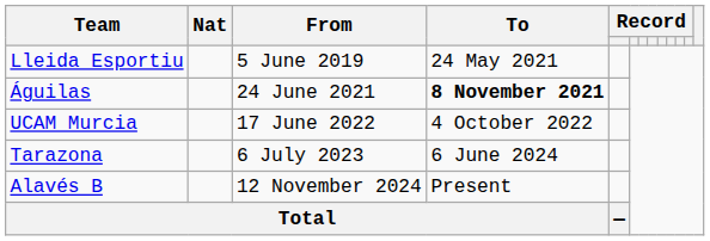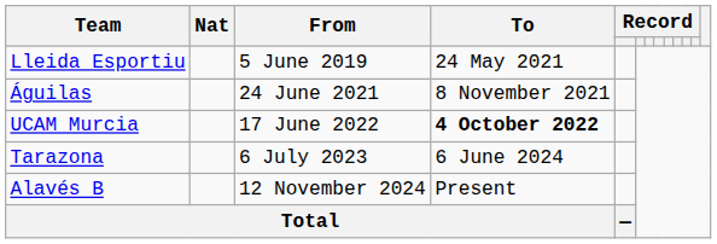 <table class="wikitable" style="text-align: center">
 <tr>
 <th rowspan="2">Team</th>
 <th rowspan="2">Nat</th>
 <th rowspan="2">From</th>
 <th rowspan="2">To</th>
 <th colspan="8">Record</th>
 <th rowspan=2></th>
 </tr>
 <tr>
 <th></th>
 <th></th>
 <th></th>
 <th></th>
 <th></th>
 <th></th>
 <th></th>
 <th></th>
 </tr>
 <tr>
 <td align=left><a href='#'>Lleida Esportiu</a></td>
 <td></td>
 <td align=left>5 June 2019</td>
 <td align=left>24 May 2021<br></td>
 <td></td>
 </tr>
 <tr>
 <td align=left><a href='#'>Águilas</a></td>
 <td></td>
 <td align=left>24 June 2021</td>
-<td align=left><strong>8 November 2021<br></strong></td>
+<td align=left>8 November 2021<br></td>
 <td></td>
 </tr>
 <tr>
 <td align=left><a href='#'>UCAM Murcia</a></td>
 <td></td>
 <td align=left>17 June 2022</td>
-<td align=left>4 October 2022<br></td>
+<td align=left><strong>4 October 2022<br></strong></td>
 <td></td>
 </tr>
 <tr>
 <td align=left><a href='#'>Tarazona</a></td>
 <td></td>
 <td align=left>6 July 2023</td>
 <td align=left>6 June 2024<br></td>
 <td></td>
 </tr>
 <tr>
 <td align=left><a href='#'>Alavés B</a></td>
 <td></td>
 <td align=left>12 November 2024</td>
 <td align=left>Present<br></td>
 <td></td>
 </tr>
 <tr>
 <th colspan="4">Total<br></th>
 <th>—</th>
 </tr>
 </table>
